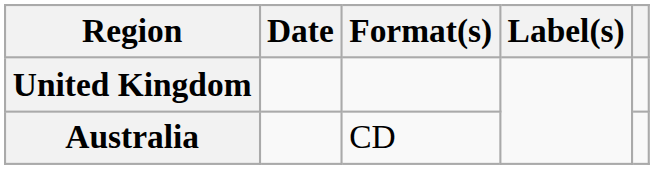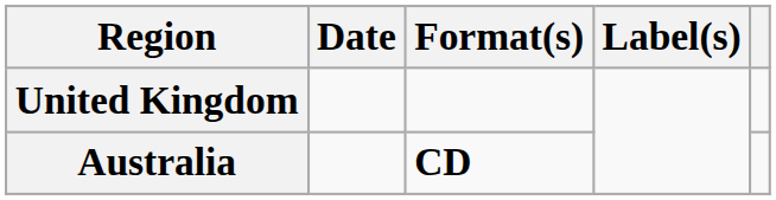 <table class="wikitable plainrowheaders">
 <tr>
 <th scope="col">Region</th>
 <th scope="col">Date</th>
 <th scope="col">Format(s)</th>
 <th scope="col">Label(s)</th>
 <th scope="col"></th>
 </tr>
 <tr>
 <th scope="row">United Kingdom</th>
 <td></td>
 <td></td>
 <td rowspan="2"></td>
 <td></td>
 </tr>
 <tr>
 <th scope="row">Australia</th>
 <td></td>
-<td>CD</td>
+<td><strong>CD</strong></td>
 <td></td>
 </tr>
 </table>
